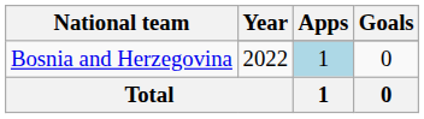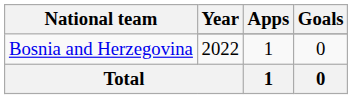 <table class="wikitable" style="text-align:center">
 <tr>
 <th>National team</th>
 <th>Year</th>
 <th>Apps</th>
 <th>Goals</th>
 </tr>
 <tr>
 <td rowspan=2><a href='#'>Bosnia and Herzegovina</a></td>
 </tr>
 <tr>
 <td>2022</td>
-<td style="background: lightblue;">1</td>
+<td>1</td>
 <td>0</td>
 </tr>
 <tr>
 <th colspan=2>Total</th>
 <th>1</th>
 <th>0</th>
 </tr>
 </table>
